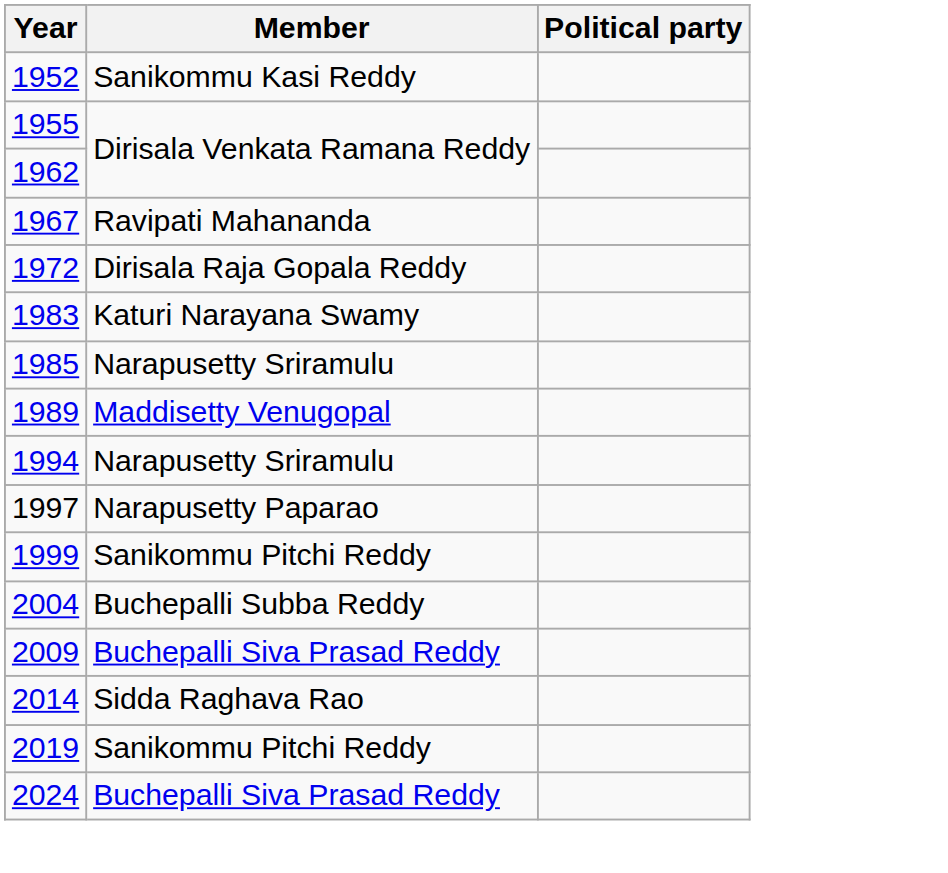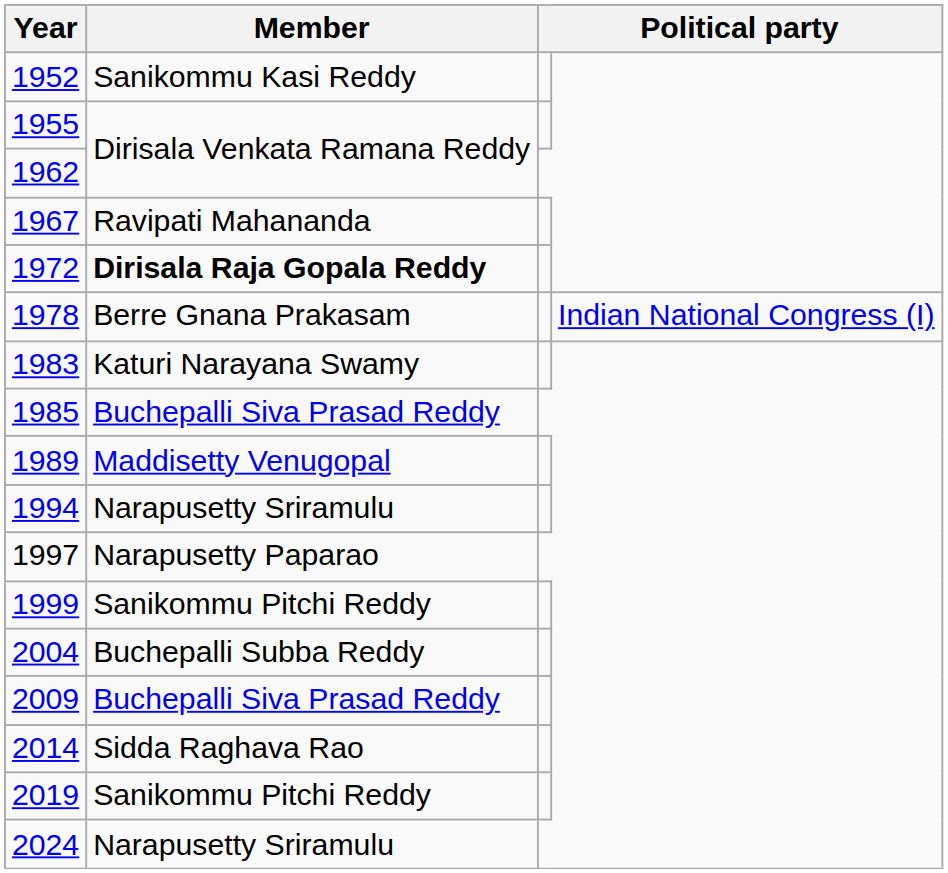 <table class="wikitable sortable">
 <tr>
 <th>Year</th>
 <th>Member</th>
 <th colspan="2">Political party</th>
 </tr>
 <tr>
 <td><a href='#'>1952</a></td>
 <td>Sanikommu Kasi Reddy</td>
 <td></td>
 </tr>
 <tr>
 <td><a href='#'>1955</a></td>
 <td rowspan=2>Dirisala Venkata Ramana Reddy</td>
 <td></td>
 </tr>
 <tr>
 <td><a href='#'>1962</a></td>
 </tr>
 <tr>
 <td><a href='#'>1967</a></td>
 <td>Ravipati Mahananda</td>
 <td></td>
 </tr>
 <tr>
 <td><a href='#'>1972</a></td>
-<td>Dirisala Raja Gopala Reddy</td>
+<td><strong>Dirisala Raja Gopala Reddy</strong></td>
 <td></td>
+</tr>
+<tr>
+<td><a href='#'>1978</a></td>
+<td>Berre Gnana Prakasam</td>
+<td style="background-color: "></td>
+<td><a href='#'>Indian National Congress (I)</a></td>
 </tr>
 <tr>
 <td><a href='#'>1983</a></td>
 <td>Katuri Narayana Swamy</td>
 <td></td>
 </tr>
 <tr>
 <td><a href='#'>1985</a></td>
-<td>Narapusetty Sriramulu</td>
+<td><a href='#'>Buchepalli Siva Prasad Reddy</a></td>
 </tr>
 <tr>
 <td><a href='#'>1989</a></td>
 <td><a href='#'>Maddisetty Venugopal</a></td>
 <td></td>
 </tr>
 <tr>
 <td><a href='#'>1994</a></td>
 <td>Narapusetty Sriramulu</td>
 <td></td>
 </tr>
 <tr>
 <td>1997</td>
 <td>Narapusetty Paparao</td>
 </tr>
 <tr>
 <td><a href='#'>1999</a></td>
 <td>Sanikommu Pitchi Reddy</td>
 <td></td>
 </tr>
 <tr>
 <td><a href='#'>2004</a></td>
 <td>Buchepalli Subba Reddy</td>
 <td></td>
 </tr>
 <tr>
 <td><a href='#'>2009</a></td>
 <td><a href='#'>Buchepalli Siva Prasad Reddy</a></td>
 <td></td>
 </tr>
 <tr>
 <td><a href='#'>2014</a></td>
 <td>Sidda Raghava Rao</td>
 <td></td>
 </tr>
 <tr>
 <td><a href='#'>2019</a></td>
 <td>Sanikommu Pitchi Reddy</td>
 <td></td>
 </tr>
 <tr>
 <td><a href='#'>2024</a></td>
-<td><a href='#'>Buchepalli Siva Prasad Reddy</a></td>
+<td>Narapusetty Sriramulu</td>
 </tr>
 </table>
